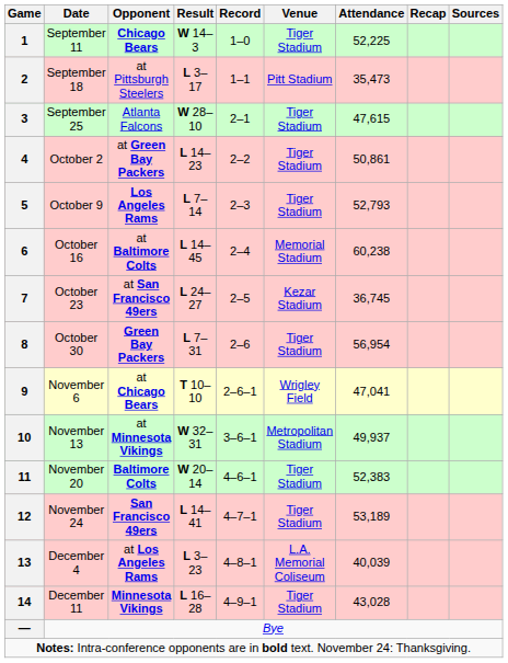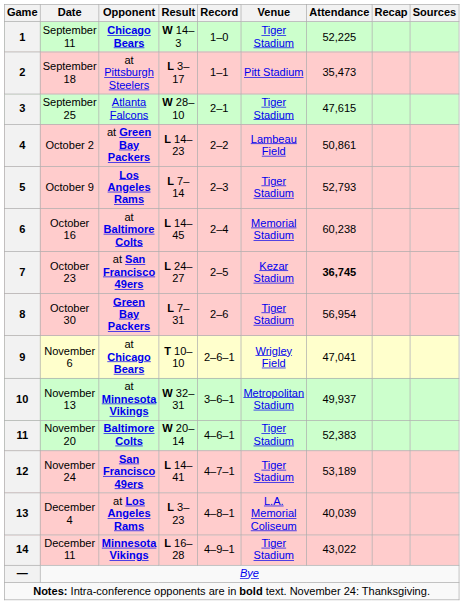 <table class="wikitable" style="text-align:center">
 <tr>
 <th>Game</th>
 <th>Date</th>
 <th>Opponent</th>
 <th>Result</th>
 <th>Record</th>
 <th>Venue</th>
 <th>Attendance</th>
 <th>Recap</th>
 <th>Sources</th>
 </tr>
 <tr style="background:#cfc">
 <th>1</th>
 <td>September 11</td>
 <td><strong><a href='#'>Chicago Bears</a></strong></td>
 <td><strong>W</strong> 14–3</td>
 <td>1–0</td>
 <td><a href='#'>Tiger Stadium</a></td>
 <td>52,225</td>
 <td></td>
 <td></td>
 </tr>
 <tr style="background:#fcc">
 <th>2</th>
 <td>September 18</td>
 <td>at <a href='#'>Pittsburgh Steelers</a></td>
 <td><strong>L</strong> 3–17</td>
 <td>1–1</td>
 <td><a href='#'>Pitt Stadium</a></td>
 <td>35,473</td>
 <td></td>
 <td></td>
 </tr>
 <tr style="background:#cfc">
 <th>3</th>
 <td>September 25</td>
 <td><a href='#'>Atlanta Falcons</a></td>
 <td><strong>W</strong> 28–10</td>
 <td>2–1</td>
 <td><a href='#'>Tiger Stadium</a></td>
 <td>47,615</td>
 <td></td>
 <td></td>
 </tr>
 <tr style="background:#fcc">
 <th>4</th>
 <td>October 2</td>
 <td>at <strong><a href='#'>Green Bay Packers</a></strong></td>
 <td><strong>L</strong> 14–23</td>
 <td>2–2</td>
-<td><a href='#'>Tiger Stadium</a></td>
+<td><a href='#'>Lambeau Field</a></td>
 <td>50,861</td>
 <td></td>
 <td></td>
 </tr>
 <tr style="background:#fcc">
 <th>5</th>
 <td>October 9</td>
 <td><strong><a href='#'>Los Angeles Rams</a></strong></td>
 <td><strong>L</strong> 7–14</td>
 <td>2–3</td>
 <td><a href='#'>Tiger Stadium</a></td>
 <td>52,793</td>
 <td></td>
 <td></td>
 </tr>
 <tr style="background:#fcc">
 <th>6</th>
 <td>October 16</td>
 <td>at <strong><a href='#'>Baltimore Colts</a></strong></td>
 <td><strong>L</strong> 14–45</td>
 <td>2–4</td>
 <td><a href='#'>Memorial Stadium</a></td>
 <td>60,238</td>
 <td></td>
 <td></td>
 </tr>
 <tr style="background:#fcc">
 <th>7</th>
 <td>October 23</td>
 <td>at <strong><a href='#'>San Francisco 49ers</a></strong></td>
 <td><strong>L</strong> 24–27</td>
 <td>2–5</td>
 <td><a href='#'>Kezar Stadium</a></td>
-<td>36,745</td>
+<td><strong>36,745</strong></td>
 <td></td>
 <td></td>
 </tr>
 <tr style="background:#fcc">
 <th>8</th>
 <td>October 30</td>
 <td><strong><a href='#'>Green Bay Packers</a></strong></td>
 <td><strong>L</strong> 7–31</td>
 <td>2–6</td>
 <td><a href='#'>Tiger Stadium</a></td>
 <td>56,954</td>
 <td></td>
 <td></td>
 </tr>
 <tr style="background:#ffc">
 <th>9</th>
 <td>November 6</td>
 <td>at <strong><a href='#'>Chicago Bears</a></strong></td>
 <td><strong>T</strong> 10–10</td>
 <td>2–6–1</td>
 <td><a href='#'>Wrigley Field</a></td>
 <td>47,041</td>
 <td></td>
 <td></td>
 </tr>
 <tr style="background:#cfc">
 <th>10</th>
 <td>November 13</td>
 <td>at <strong><a href='#'>Minnesota Vikings</a></strong></td>
 <td><strong>W</strong> 32–31</td>
 <td>3–6–1</td>
 <td><a href='#'>Metropolitan Stadium</a></td>
 <td>49,937</td>
 <td></td>
 <td></td>
 </tr>
 <tr style="background:#cfc">
 <th>11</th>
 <td>November 20</td>
 <td><strong><a href='#'>Baltimore Colts</a></strong></td>
 <td><strong>W</strong> 20–14</td>
 <td>4–6–1</td>
 <td><a href='#'>Tiger Stadium</a></td>
 <td>52,383</td>
 <td></td>
 <td></td>
 </tr>
 <tr style="background:#fcc">
 <th>12</th>
 <td>November 24</td>
 <td><strong><a href='#'>San Francisco 49ers</a></strong></td>
 <td><strong>L</strong> 14–41</td>
 <td>4–7–1</td>
 <td><a href='#'>Tiger Stadium</a></td>
 <td>53,189</td>
 <td></td>
 <td></td>
 </tr>
 <tr style="background:#fcc">
 <th>13</th>
 <td>December 4</td>
 <td>at <strong><a href='#'>Los Angeles Rams</a></strong></td>
 <td><strong>L</strong> 3–23</td>
 <td>4–8–1</td>
 <td><a href='#'>L.A. Memorial Coliseum</a></td>
 <td>40,039</td>
 <td></td>
 <td></td>
 </tr>
 <tr style="background:#fcc">
 <th>14</th>
 <td>December 11</td>
 <td><strong><a href='#'>Minnesota Vikings</a></strong></td>
 <td><strong>L</strong> 16–28</td>
 <td>4–9–1</td>
 <td><a href='#'>Tiger Stadium</a></td>
-<td>43,028</td>
+<td>43,022</td>
 <td></td>
 <td></td>
 </tr>
 <tr>
 <th>—</th>
 <td colspan=10 align="center"><em><a href='#'>Bye</a></em></td>
 </tr>
 <tr>
 <td colspan="10"><strong>Notes:</strong> Intra-conference opponents are in <strong>bold</strong> text. November 24: Thanksgiving.</td>
 </tr>
 </table>
